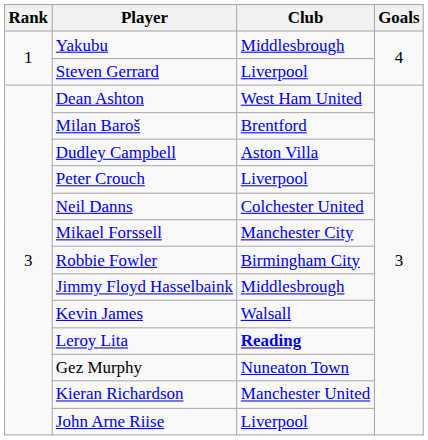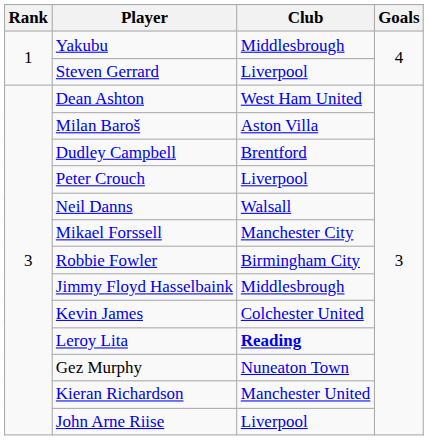 <table class="wikitable sortable" style="text-align:center">
 <tr>
 <th>Rank</th>
 <th>Player</th>
 <th>Club</th>
 <th>Goals</th>
 </tr>
 <tr>
 <td rowspan="2">1</td>
 <td align="left"> <a href='#'>Yakubu</a></td>
 <td align="left"><a href='#'>Middlesbrough</a></td>
 <td rowspan="2">4</td>
 </tr>
 <tr>
 <td align="left"> <a href='#'>Steven Gerrard</a></td>
 <td align="left"><a href='#'>Liverpool</a></td>
 </tr>
 <tr>
 <td rowspan="13">3</td>
 <td align="left"> <a href='#'>Dean Ashton</a></td>
 <td align="left"><a href='#'>West Ham United</a></td>
 <td rowspan="13">3</td>
 </tr>
 <tr>
 <td align="left"> <a href='#'>Milan Baroš</a></td>
-<td align="left"><a href='#'>Brentford</a></td>
+<td align="left"><a href='#'>Aston Villa</a></td>
 </tr>
 <tr>
 <td align="left"> <a href='#'>Dudley Campbell</a></td>
-<td align="left"><a href='#'>Aston Villa</a></td>
+<td align="left"><a href='#'>Brentford</a></td>
 </tr>
 <tr>
 <td align="left"> <a href='#'>Peter Crouch</a></td>
 <td align="left"><a href='#'>Liverpool</a></td>
 </tr>
 <tr>
 <td align="left"> <a href='#'>Neil Danns</a></td>
-<td align="left"><a href='#'>Colchester United</a></td>
+<td align="left"><a href='#'>Walsall</a></td>
 </tr>
 <tr>
 <td align="left"> <a href='#'>Mikael Forssell</a></td>
 <td align="left"><a href='#'>Manchester City</a></td>
 </tr>
 <tr>
 <td align="left"> <a href='#'>Robbie Fowler</a></td>
 <td align="left"><a href='#'>Birmingham City</a></td>
 </tr>
 <tr>
 <td align="left"> <a href='#'>Jimmy Floyd Hasselbaink</a></td>
 <td align="left"><a href='#'>Middlesbrough</a></td>
 </tr>
 <tr>
 <td align="left"> <a href='#'>Kevin James</a></td>
-<td align="left"><a href='#'>Walsall</a></td>
+<td align="left"><a href='#'>Colchester United</a></td>
 </tr>
 <tr>
 <td align="left"> <a href='#'>Leroy Lita</a></td>
 <td align="left"><strong><a href='#'>Reading</a></strong></td>
 </tr>
 <tr>
 <td align="left"> Gez Murphy</td>
 <td align="left"><a href='#'>Nuneaton Town</a></td>
 </tr>
 <tr>
 <td align="left"> <a href='#'>Kieran Richardson</a></td>
 <td align="left"><a href='#'>Manchester United</a></td>
 </tr>
 <tr>
 <td align="left"> <a href='#'>John Arne Riise</a></td>
 <td align="left"><a href='#'>Liverpool</a></td>
 </tr>
 </table>
